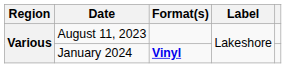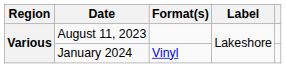 <table class="wikitable plainrowheaders">
 <tr>
 <th scope="col">Region</th>
 <th scope="col">Date</th>
 <th scope="col">Format(s)</th>
 <th scope="col">Label</th>
 <th scope="col"></th>
 </tr>
 <tr>
 <th rowspan="2" scope="row">Various</th>
 <td>August 11, 2023</td>
 <td></td>
 <td rowspan="2">Lakeshore</td>
 <td align="center"></td>
 </tr>
 <tr>
 <td>January 2024</td>
-<td><strong><a href='#'>Vinyl</a></strong></td>
+<td><a href='#'>Vinyl</a></td>
 <td align="center"></td>
 </tr>
 </table>
